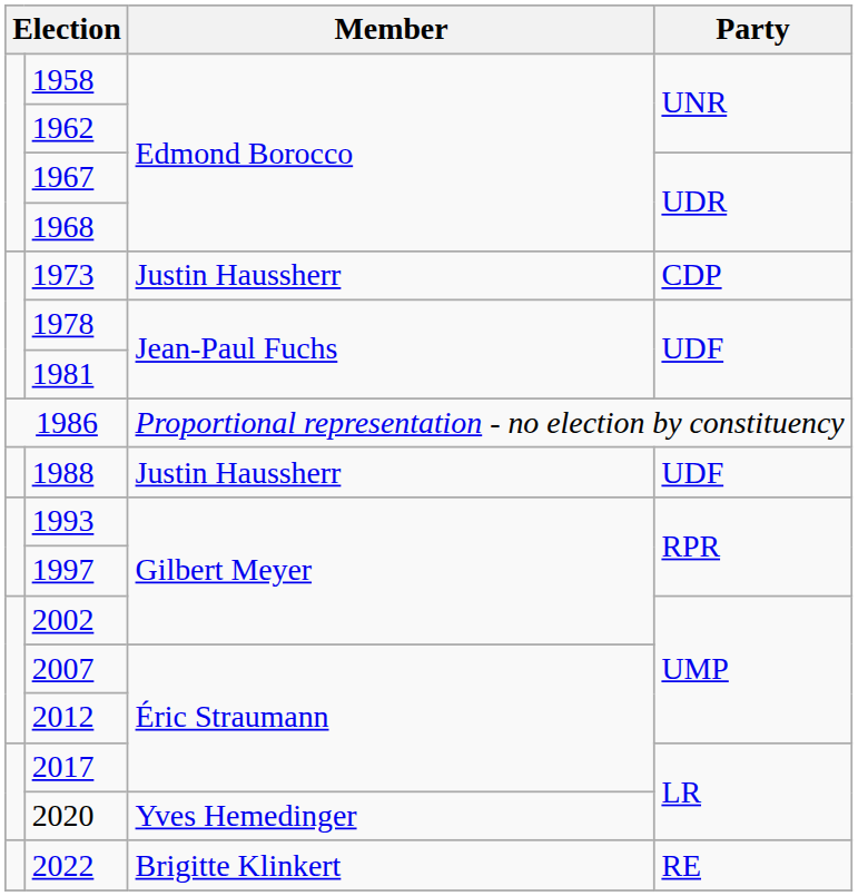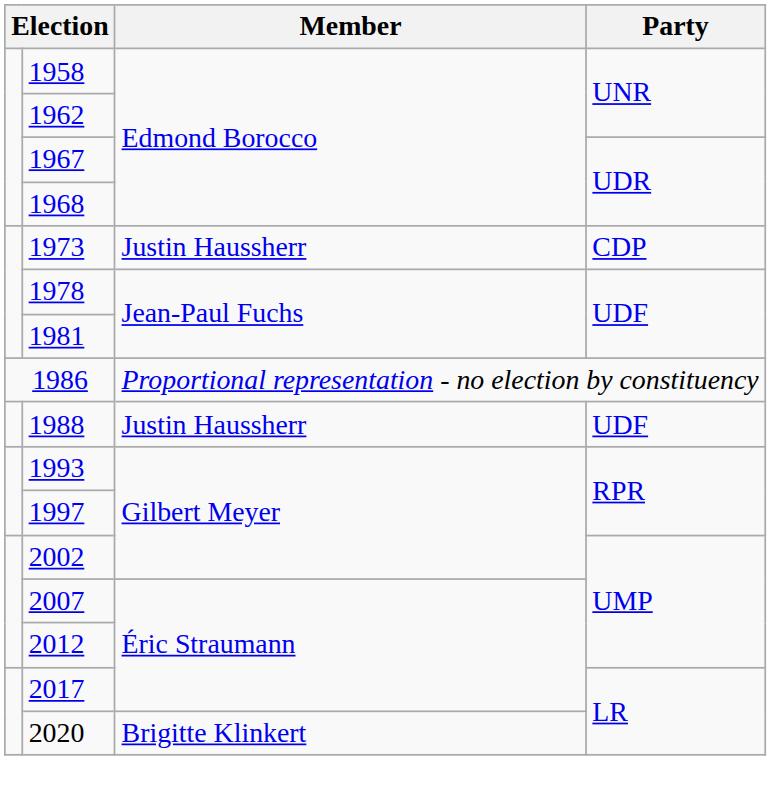 <table class="wikitable">
 <tr>
 <th colspan="2">Election</th>
 <th>Member</th>
 <th>Party</th>
 </tr>
 <tr>
 <td rowspan="4" style="background-color: "></td>
 <td><a href='#'>1958</a></td>
 <td rowspan="4"><a href='#'>Edmond Borocco</a></td>
 <td rowspan="2"><a href='#'>UNR</a></td>
 </tr>
 <tr>
 <td><a href='#'>1962</a></td>
 </tr>
 <tr>
 <td><a href='#'>1967</a></td>
 <td rowspan="2"><a href='#'>UDR</a></td>
 </tr>
 <tr>
 <td><a href='#'>1968</a></td>
 </tr>
 <tr>
 <td rowspan="3" style="background-color: "></td>
 <td><a href='#'>1973</a></td>
 <td><a href='#'>Justin Haussherr</a></td>
 <td><a href='#'>CDP</a></td>
 </tr>
 <tr>
 <td><a href='#'>1978</a></td>
 <td rowspan="2"><a href='#'>Jean-Paul Fuchs</a></td>
 <td rowspan="2"><a href='#'>UDF</a></td>
 </tr>
 <tr>
 <td><a href='#'>1981</a></td>
 </tr>
 <tr>
 <td colspan="2" align="center"><a href='#'>1986</a></td>
 <td colspan="2"><em><a href='#'>Proportional representation</a> - no election by constituency</em></td>
 </tr>
 <tr>
 <td style="background-color: "></td>
 <td><a href='#'>1988</a></td>
 <td><a href='#'>Justin Haussherr</a></td>
 <td><a href='#'>UDF</a></td>
 </tr>
 <tr>
 <td rowspan="2" style="background-color: "></td>
 <td><a href='#'>1993</a></td>
 <td rowspan="3"><a href='#'>Gilbert Meyer</a></td>
 <td rowspan="2"><a href='#'>RPR</a></td>
 </tr>
 <tr>
 <td><a href='#'>1997</a></td>
 </tr>
 <tr>
 <td rowspan="3" style="background-color: "></td>
 <td><a href='#'>2002</a></td>
 <td rowspan="3"><a href='#'>UMP</a></td>
 </tr>
 <tr>
 <td><a href='#'>2007</a></td>
 <td rowspan="3"><a href='#'>Éric Straumann</a></td>
 </tr>
 <tr>
 <td><a href='#'>2012</a></td>
 </tr>
 <tr>
 <td rowspan="2" style="background-color: "></td>
 <td><a href='#'>2017</a></td>
 <td rowspan="2"><a href='#'>LR</a></td>
 </tr>
 <tr>
 <td>2020</td>
-<td><a href='#'>Yves Hemedinger</a></td>
-</tr>
-<tr>
-<td style="background-color: "></td>
-<td><a href='#'>2022</a></td>
 <td><a href='#'>Brigitte Klinkert</a></td>
-<td><a href='#'>RE</a></td>
 </tr>
 </table>
